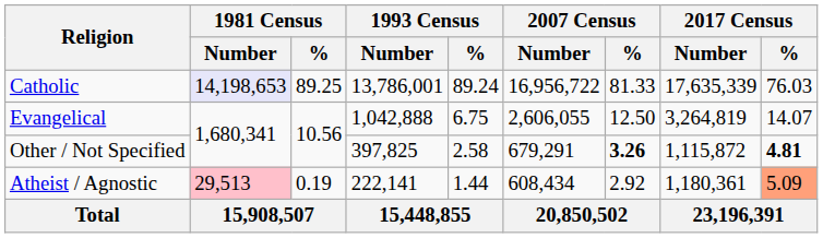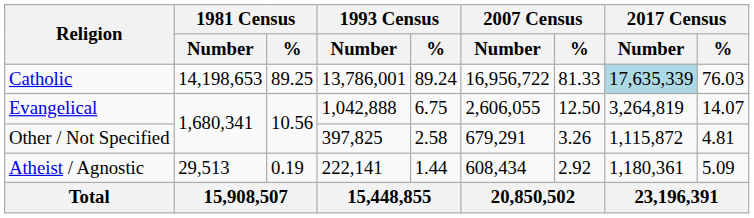 <table class="wikitable">
 <tr>
 <th rowspan="2">Religion</th>
 <th colspan="2">1981 Census</th>
 <th colspan="2">1993 Census</th>
 <th colspan="2">2007 Census</th>
 <th colspan="2">2017 Census</th>
 </tr>
 <tr>
 <th>Number</th>
 <th>%</th>
 <th>Number</th>
 <th>%</th>
 <th>Number</th>
 <th>%</th>
 <th>Number</th>
 <th>%</th>
 </tr>
 <tr>
 <td><a href='#'>Catholic</a></td>
-<td style="background: lavender;">14,198,653</td>
+<td>14,198,653</td>
 <td>89.25</td>
 <td>13,786,001</td>
 <td>89.24</td>
 <td>16,956,722</td>
 <td>81.33</td>
-<td>17,635,339</td>
+<td style="background: lightblue;">17,635,339</td>
 <td>76.03</td>
 </tr>
 <tr>
 <td><a href='#'>Evangelical</a></td>
 <td rowspan="2">1,680,341</td>
 <td rowspan="2">10.56</td>
 <td>1,042,888</td>
 <td>6.75</td>
 <td>2,606,055</td>
 <td>12.50</td>
 <td>3,264,819</td>
 <td>14.07</td>
 </tr>
 <tr>
 <td>Other / Not Specified</td>
 <td>397,825</td>
 <td>2.58</td>
 <td>679,291</td>
-<td><strong>3.26</strong></td>
+<td>3.26</td>
 <td>1,115,872</td>
-<td><strong>4.81</strong></td>
+<td>4.81</td>
 </tr>
 <tr>
 <td><a href='#'>Atheist</a> / Agnostic</td>
-<td style="background: pink;">29,513</td>
+<td>29,513</td>
 <td>0.19</td>
 <td>222,141</td>
 <td>1.44</td>
 <td>608,434</td>
 <td>2.92</td>
 <td>1,180,361</td>
-<td style="background: lightsalmon;">5.09</td>
+<td>5.09</td>
 </tr>
 <tr>
 <th>Total</th>
 <th colspan="2">15,908,507</th>
 <th colspan="2">15,448,855</th>
 <th colspan="2">20,850,502</th>
 <th colspan="2">23,196,391</th>
 </tr>
 </table>
